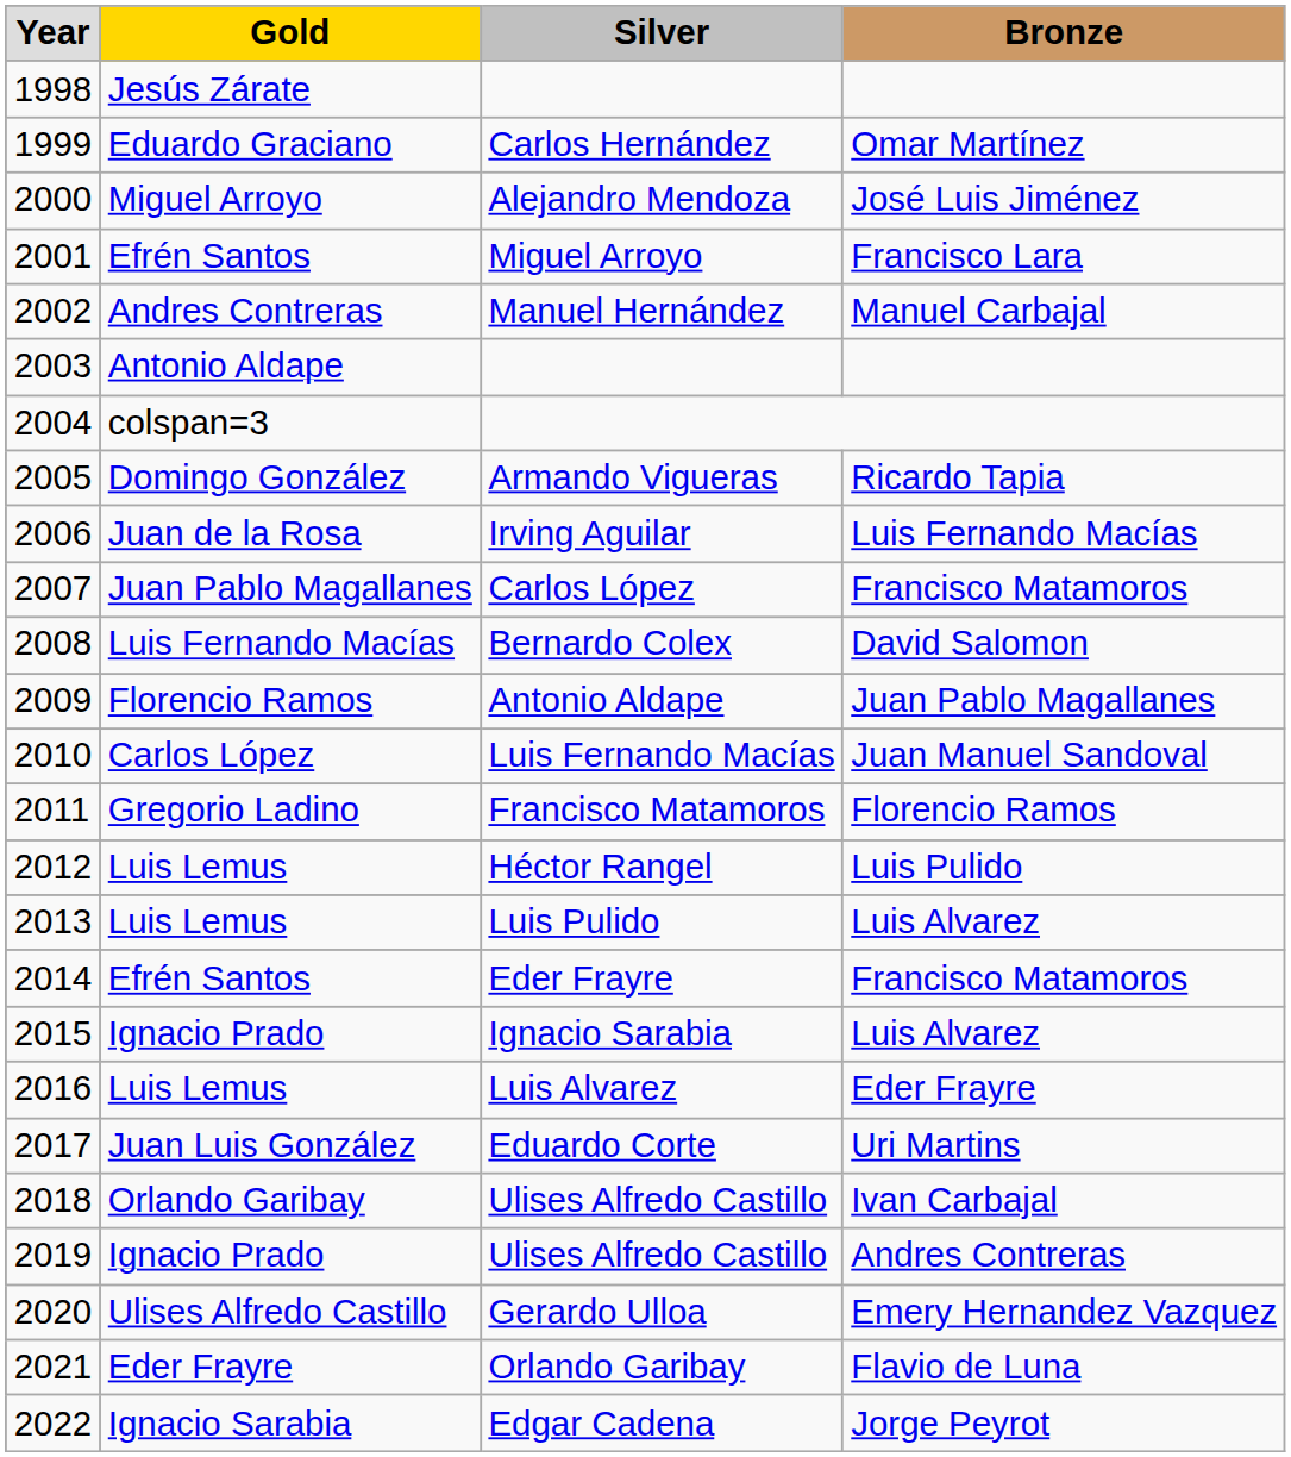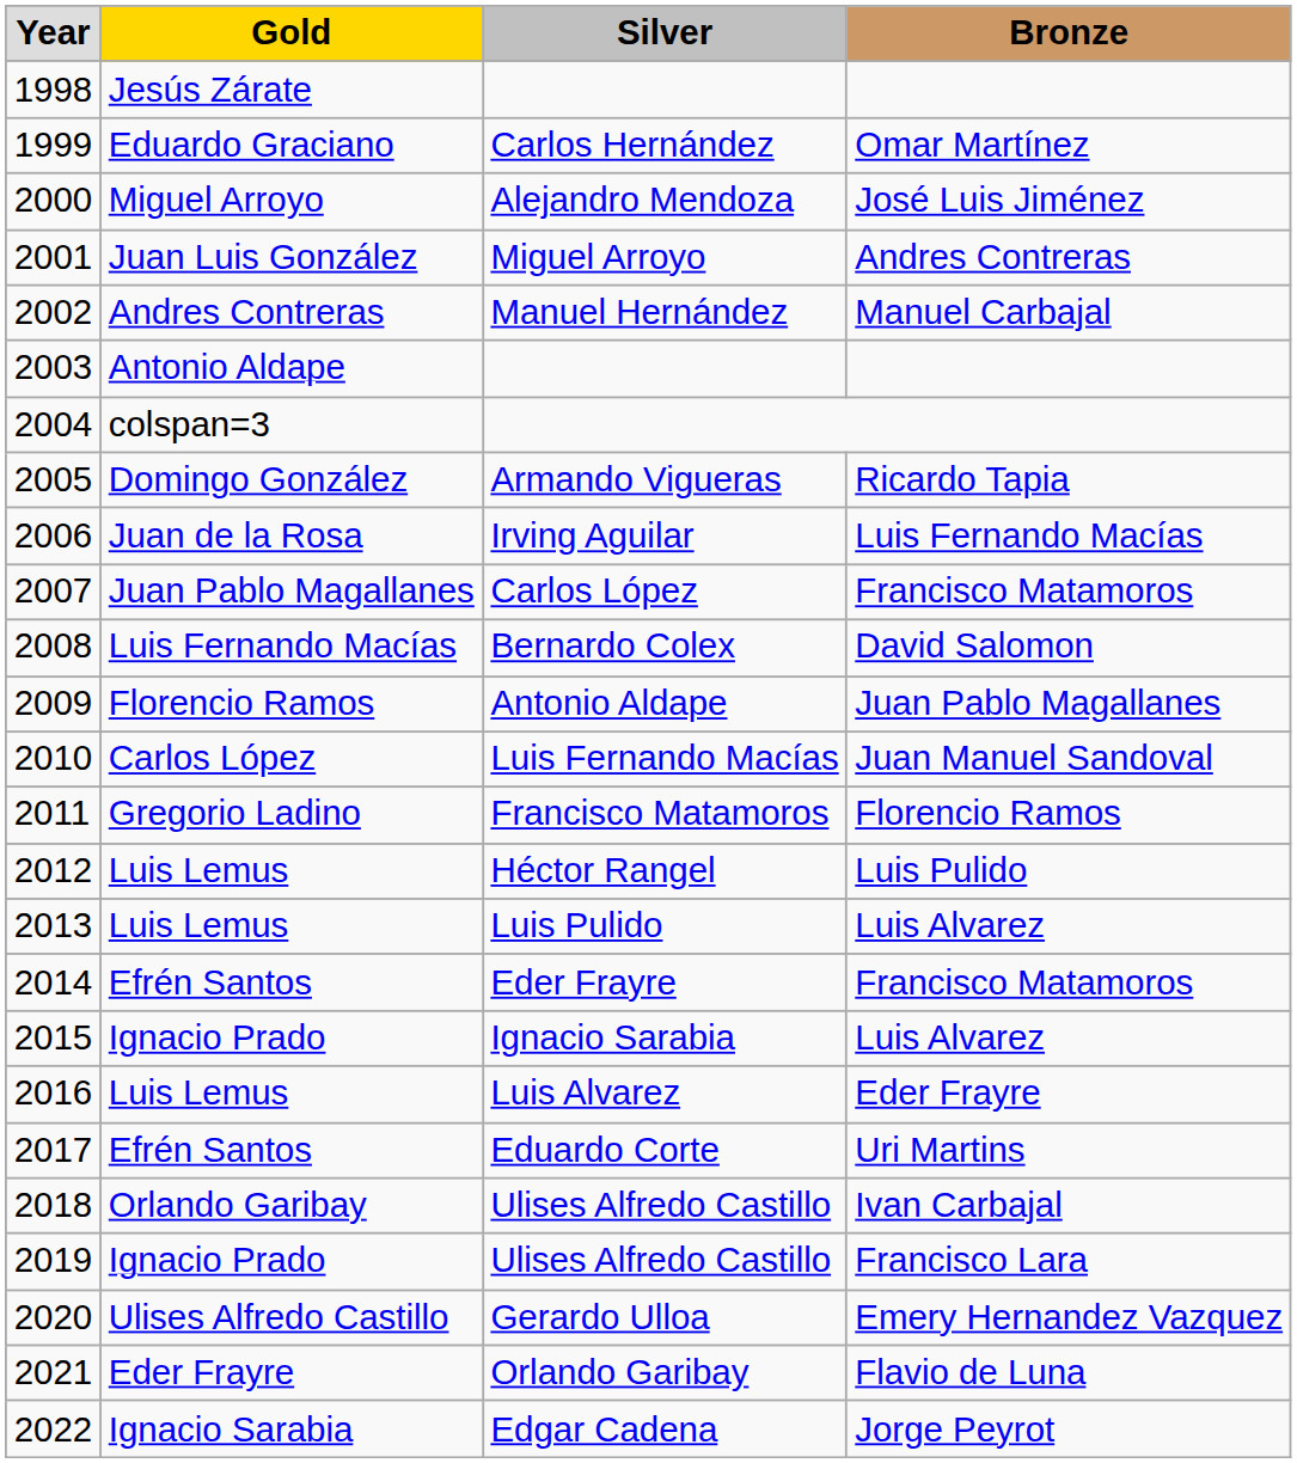 <table class="wikitable" style="text-align:left;">
 <tr>
 <td style="background:#DDDDDD; font-weight:bold; text-align:center;">Year</td>
 <td style="background:gold; font-weight:bold; text-align:center;">Gold</td>
 <td style="background:silver; font-weight:bold; text-align:center;">Silver</td>
 <td style="background:#cc9966; font-weight:bold; text-align:center;">Bronze</td>
 </tr>
 <tr>
 <td>1998</td>
 <td><a href='#'>Jesús Zárate</a></td>
 <td></td>
 <td></td>
 </tr>
 <tr>
 <td>1999</td>
 <td><a href='#'>Eduardo Graciano</a></td>
 <td><a href='#'>Carlos Hernández</a></td>
 <td><a href='#'>Omar Martínez</a></td>
 </tr>
 <tr>
 <td>2000</td>
 <td><a href='#'>Miguel Arroyo</a></td>
 <td><a href='#'>Alejandro Mendoza</a></td>
 <td><a href='#'>José Luis Jiménez</a></td>
 </tr>
 <tr>
 <td>2001</td>
-<td><a href='#'>Efrén Santos</a></td>
+<td><a href='#'>Juan Luis González</a></td>
 <td><a href='#'>Miguel Arroyo</a></td>
-<td><a href='#'>Francisco Lara</a></td>
+<td><a href='#'>Andres Contreras</a></td>
 </tr>
 <tr>
 <td>2002</td>
 <td><a href='#'>Andres Contreras</a></td>
 <td><a href='#'>Manuel Hernández</a></td>
 <td><a href='#'>Manuel Carbajal</a></td>
 </tr>
 <tr>
 <td>2003</td>
 <td><a href='#'>Antonio Aldape</a></td>
 <td></td>
 <td></td>
 </tr>
 <tr>
 <td>2004</td>
 <td>colspan=3 </td>
 </tr>
 <tr>
 <td>2005</td>
 <td><a href='#'>Domingo González</a></td>
 <td><a href='#'>Armando Vigueras</a></td>
 <td><a href='#'>Ricardo Tapia</a></td>
 </tr>
 <tr>
 <td>2006</td>
 <td><a href='#'>Juan de la Rosa</a></td>
 <td><a href='#'>Irving Aguilar</a></td>
 <td><a href='#'>Luis Fernando Macías</a></td>
 </tr>
 <tr>
 <td>2007</td>
 <td><a href='#'>Juan Pablo Magallanes</a></td>
 <td><a href='#'>Carlos López</a></td>
 <td><a href='#'>Francisco Matamoros</a></td>
 </tr>
 <tr>
 <td>2008</td>
 <td><a href='#'>Luis Fernando Macías</a></td>
 <td><a href='#'>Bernardo Colex</a></td>
 <td><a href='#'>David Salomon</a></td>
 </tr>
 <tr>
 <td>2009</td>
 <td><a href='#'>Florencio Ramos</a></td>
 <td><a href='#'>Antonio Aldape</a></td>
 <td><a href='#'>Juan Pablo Magallanes</a></td>
 </tr>
 <tr>
 <td>2010</td>
 <td><a href='#'>Carlos López</a></td>
 <td><a href='#'>Luis Fernando Macías</a></td>
 <td><a href='#'>Juan Manuel Sandoval</a></td>
 </tr>
 <tr>
 <td>2011</td>
 <td><a href='#'>Gregorio Ladino</a></td>
 <td><a href='#'>Francisco Matamoros</a></td>
 <td><a href='#'>Florencio Ramos</a></td>
 </tr>
 <tr>
 <td>2012</td>
 <td><a href='#'>Luis Lemus</a></td>
 <td><a href='#'>Héctor Rangel</a></td>
 <td><a href='#'>Luis Pulido</a></td>
 </tr>
 <tr>
 <td>2013</td>
 <td><a href='#'>Luis Lemus</a></td>
 <td><a href='#'>Luis Pulido</a></td>
 <td><a href='#'>Luis Alvarez</a></td>
 </tr>
 <tr>
 <td>2014</td>
 <td><a href='#'>Efrén Santos</a></td>
 <td><a href='#'>Eder Frayre</a></td>
 <td><a href='#'>Francisco Matamoros</a></td>
 </tr>
 <tr>
 <td>2015</td>
 <td><a href='#'>Ignacio Prado</a></td>
 <td><a href='#'>Ignacio Sarabia</a></td>
 <td><a href='#'>Luis Alvarez</a></td>
 </tr>
 <tr>
 <td>2016</td>
 <td><a href='#'>Luis Lemus</a></td>
 <td><a href='#'>Luis Alvarez</a></td>
 <td><a href='#'>Eder Frayre</a></td>
 </tr>
 <tr>
 <td>2017</td>
-<td><a href='#'>Juan Luis González</a></td>
+<td><a href='#'>Efrén Santos</a></td>
 <td><a href='#'>Eduardo Corte</a></td>
 <td><a href='#'>Uri Martins</a></td>
 </tr>
 <tr>
 <td>2018</td>
 <td><a href='#'>Orlando Garibay</a></td>
 <td><a href='#'>Ulises Alfredo Castillo</a></td>
 <td><a href='#'>Ivan Carbajal</a></td>
 </tr>
 <tr>
 <td>2019</td>
 <td><a href='#'>Ignacio Prado</a></td>
 <td><a href='#'>Ulises Alfredo Castillo</a></td>
-<td><a href='#'>Andres Contreras</a></td>
+<td><a href='#'>Francisco Lara</a></td>
 </tr>
 <tr>
 <td>2020</td>
 <td><a href='#'>Ulises Alfredo Castillo</a></td>
 <td><a href='#'>Gerardo Ulloa</a></td>
 <td><a href='#'>Emery Hernandez Vazquez</a></td>
 </tr>
 <tr>
 <td>2021</td>
 <td><a href='#'>Eder Frayre</a></td>
 <td><a href='#'>Orlando Garibay</a></td>
 <td><a href='#'>Flavio de Luna</a></td>
 </tr>
 <tr>
 <td>2022</td>
 <td><a href='#'>Ignacio Sarabia</a></td>
 <td><a href='#'>Edgar Cadena</a></td>
 <td><a href='#'>Jorge Peyrot</a></td>
 </tr>
 </table>
